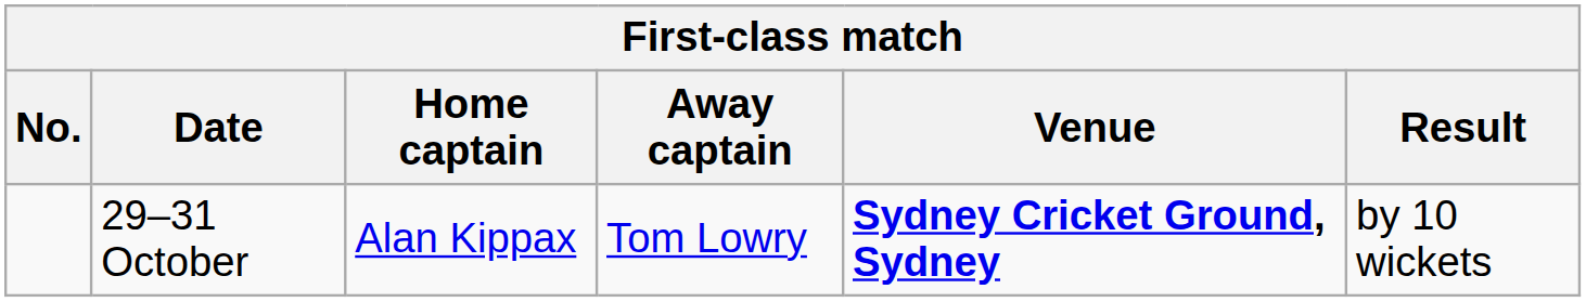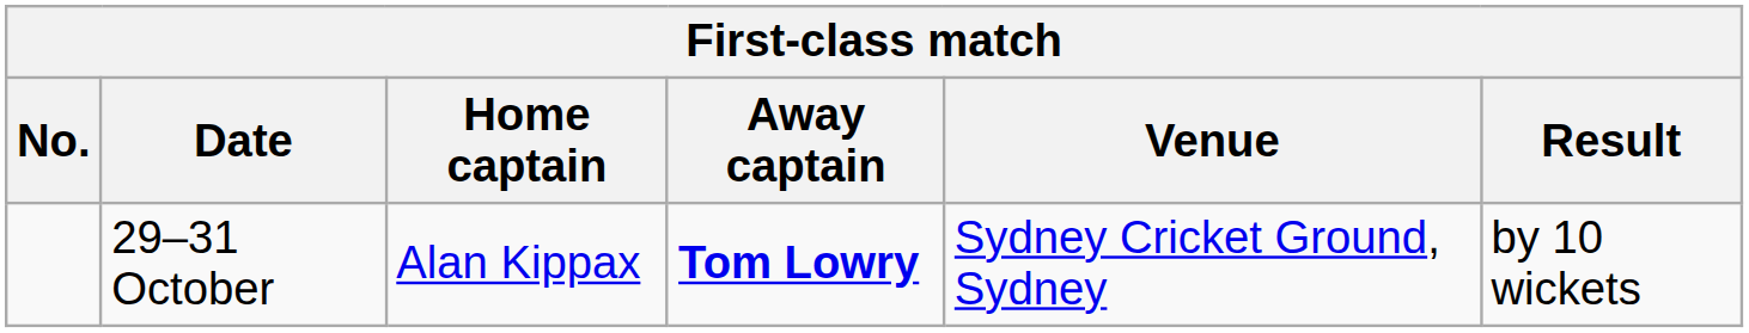 <table class="wikitable">
 <tr>
 <th colspan="9">First-class match</th>
 </tr>
 <tr>
 <th>No.</th>
 <th>Date</th>
 <th>Home captain</th>
 <th>Away captain</th>
 <th>Venue</th>
 <th>Result</th>
 </tr>
 <tr>
 <td></td>
 <td>29–31 October</td>
 <td> <a href='#'>Alan Kippax</a></td>
-<td><a href='#'>Tom Lowry</a></td>
-<td><strong><a href='#'>Sydney Cricket Ground</a>, <a href='#'>Sydney</a></strong></td>
+<td><strong><a href='#'>Tom Lowry</a></strong></td>
+<td><a href='#'>Sydney Cricket Ground</a>, <a href='#'>Sydney</a></td>
 <td> by 10 wickets</td>
 </tr>
 </table>
